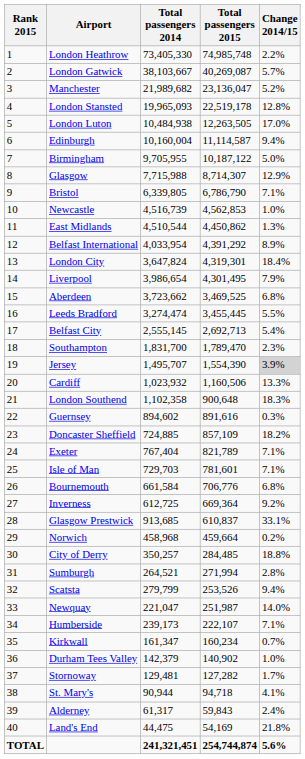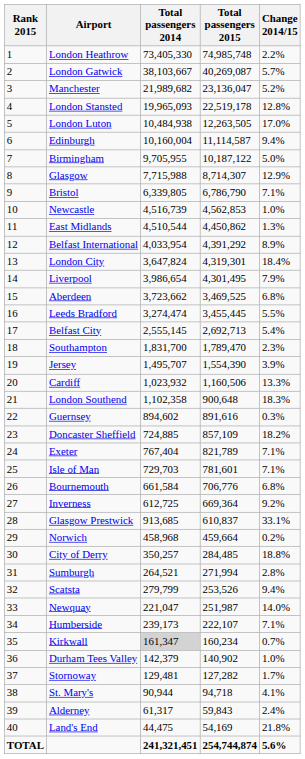 <table class="wikitable sortable">
 <tr>
 <th>Rank<br>2015</th>
 <th>Airport</th>
 <th>Total<br>passengers<br>2014</th>
 <th>Total<br>passengers<br>2015<br><small></small></th>
 <th>Change<br>2014/15</th>
 </tr>
 <tr>
 <td>1</td>
 <td><a href='#'>London Heathrow</a></td>
 <td>73,405,330</td>
 <td>74,985,748</td>
 <td>2.2%</td>
 </tr>
 <tr>
 <td>2</td>
 <td><a href='#'>London Gatwick</a></td>
 <td>38,103,667</td>
 <td>40,269,087</td>
 <td>5.7%</td>
 </tr>
 <tr>
 <td>3</td>
 <td><a href='#'>Manchester</a></td>
 <td>21,989,682</td>
 <td>23,136,047</td>
 <td>5.2%</td>
 </tr>
 <tr>
 <td>4</td>
 <td><a href='#'>London Stansted</a></td>
 <td>19,965,093</td>
 <td>22,519,178</td>
 <td>12.8%</td>
 </tr>
 <tr>
 <td>5</td>
 <td><a href='#'>London Luton</a></td>
 <td>10,484,938</td>
 <td>12,263,505</td>
 <td>17.0%</td>
 </tr>
 <tr>
 <td>6</td>
 <td><a href='#'>Edinburgh</a></td>
 <td>10,160,004</td>
 <td>11,114,587</td>
 <td>9.4%</td>
 </tr>
 <tr>
 <td>7</td>
 <td><a href='#'>Birmingham</a></td>
 <td>9,705,955</td>
 <td>10,187,122</td>
 <td>5.0%</td>
 </tr>
 <tr>
 <td>8</td>
 <td><a href='#'>Glasgow</a></td>
 <td>7,715,988</td>
 <td>8,714,307</td>
 <td>12.9%</td>
 </tr>
 <tr>
 <td>9</td>
 <td><a href='#'>Bristol</a></td>
 <td>6,339,805</td>
 <td>6,786,790</td>
 <td>7.1%</td>
 </tr>
 <tr>
 <td>10</td>
 <td><a href='#'>Newcastle</a></td>
 <td>4,516,739</td>
 <td>4,562,853</td>
 <td>1.0%</td>
 </tr>
 <tr>
 <td>11</td>
 <td><a href='#'>East Midlands</a></td>
 <td>4,510,544</td>
 <td>4,450,862</td>
 <td>1.3%</td>
 </tr>
 <tr>
 <td>12</td>
 <td><a href='#'>Belfast International</a></td>
 <td>4,033,954</td>
 <td>4,391,292</td>
 <td>8.9%</td>
 </tr>
 <tr>
 <td>13</td>
 <td><a href='#'>London City</a></td>
 <td>3,647,824</td>
 <td>4,319,301</td>
 <td>18.4%</td>
 </tr>
 <tr>
 <td>14</td>
 <td><a href='#'>Liverpool</a></td>
 <td>3,986,654</td>
 <td>4,301,495</td>
 <td>7.9%</td>
 </tr>
 <tr>
 <td>15</td>
 <td><a href='#'>Aberdeen</a></td>
 <td>3,723,662</td>
 <td>3,469,525</td>
 <td>6.8%</td>
 </tr>
 <tr>
 <td>16</td>
 <td><a href='#'>Leeds Bradford</a></td>
 <td>3,274,474</td>
 <td>3,455,445</td>
 <td>5.5%</td>
 </tr>
 <tr>
 <td>17</td>
 <td><a href='#'>Belfast City</a></td>
 <td>2,555,145</td>
 <td>2,692,713</td>
 <td>5.4%</td>
 </tr>
 <tr>
 <td>18</td>
 <td><a href='#'>Southampton</a></td>
 <td>1,831,700</td>
 <td>1,789,470</td>
 <td>2.3%</td>
 </tr>
 <tr>
 <td>19</td>
 <td><a href='#'>Jersey</a></td>
 <td>1,495,707</td>
 <td>1,554,390</td>
-<td style="background: lightgrey;">3.9%</td>
+<td>3.9%</td>
 </tr>
 <tr>
 <td>20</td>
 <td><a href='#'>Cardiff</a></td>
 <td>1,023,932</td>
 <td>1,160,506</td>
 <td>13.3%</td>
 </tr>
 <tr>
 <td>21</td>
 <td><a href='#'>London Southend</a></td>
 <td>1,102,358</td>
 <td>900,648</td>
 <td>18.3%</td>
 </tr>
 <tr>
 <td>22</td>
 <td><a href='#'>Guernsey</a></td>
 <td>894,602</td>
 <td>891,616</td>
 <td>0.3%</td>
 </tr>
 <tr>
 <td>23</td>
 <td><a href='#'>Doncaster Sheffield</a></td>
 <td>724,885</td>
 <td>857,109</td>
 <td>18.2%</td>
 </tr>
 <tr>
 <td>24</td>
 <td><a href='#'>Exeter</a></td>
 <td>767,404</td>
 <td>821,789</td>
 <td>7.1%</td>
 </tr>
 <tr>
 <td>25</td>
 <td><a href='#'>Isle of Man</a></td>
 <td>729,703</td>
 <td>781,601</td>
 <td>7.1%</td>
 </tr>
 <tr>
 <td>26</td>
 <td><a href='#'>Bournemouth</a></td>
 <td>661,584</td>
 <td>706,776</td>
 <td>6.8%</td>
 </tr>
 <tr>
 <td>27</td>
 <td><a href='#'>Inverness</a></td>
 <td>612,725</td>
 <td>669,364</td>
 <td>9.2%</td>
 </tr>
 <tr>
 <td>28</td>
 <td><a href='#'>Glasgow Prestwick</a></td>
 <td>913,685</td>
 <td>610,837</td>
 <td>33.1%</td>
 </tr>
 <tr>
 <td>29</td>
 <td><a href='#'>Norwich</a></td>
 <td>458,968</td>
 <td>459,664</td>
 <td>0.2%</td>
 </tr>
 <tr>
 <td>30</td>
 <td><a href='#'>City of Derry</a></td>
 <td>350,257</td>
 <td>284,485</td>
 <td>18.8%</td>
 </tr>
 <tr>
 <td>31</td>
 <td><a href='#'>Sumburgh</a></td>
 <td>264,521</td>
 <td>271,994</td>
 <td>2.8%</td>
 </tr>
 <tr>
 <td>32</td>
 <td><a href='#'>Scatsta</a></td>
 <td>279,799</td>
 <td>253,526</td>
 <td>9.4%</td>
 </tr>
 <tr>
 <td>33</td>
 <td><a href='#'>Newquay</a></td>
 <td>221,047</td>
 <td>251,987</td>
 <td>14.0%</td>
 </tr>
 <tr>
 <td>34</td>
 <td><a href='#'>Humberside</a></td>
 <td>239,173</td>
 <td>222,107</td>
 <td>7.1%</td>
 </tr>
 <tr>
 <td>35</td>
 <td><a href='#'>Kirkwall</a></td>
-<td>161,347</td>
+<td style="background: lightgrey;">161,347</td>
 <td>160,234</td>
 <td>0.7%</td>
 </tr>
 <tr>
 <td>36</td>
 <td><a href='#'>Durham Tees Valley</a></td>
 <td>142,379</td>
 <td>140,902</td>
 <td>1.0%</td>
 </tr>
 <tr>
 <td>37</td>
 <td><a href='#'>Stornoway</a></td>
 <td>129,481</td>
 <td>127,282</td>
 <td>1.7%</td>
 </tr>
 <tr>
 <td>38</td>
 <td><a href='#'>St. Mary's</a></td>
 <td>90,944</td>
 <td>94,718</td>
 <td>4.1%</td>
 </tr>
 <tr>
 <td>39</td>
 <td><a href='#'>Alderney</a></td>
 <td>61,317</td>
 <td>59,843</td>
 <td>2.4%</td>
 </tr>
 <tr>
 <td>40</td>
 <td><a href='#'>Land's End</a></td>
 <td>44,475</td>
 <td>54,169</td>
 <td>21.8%</td>
 </tr>
 <tr class="sortbottom">
 <td><strong>TOTAL</strong></td>
 <td></td>
 <td><strong>241,321,451</strong></td>
 <td><strong>254,744,874</strong></td>
 <td><strong>5.6%</strong></td>
 </tr>
 </table>
